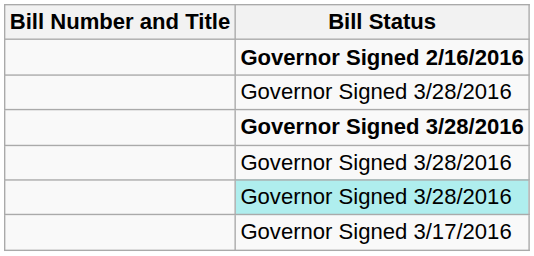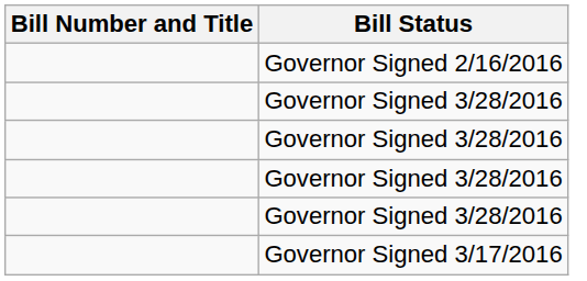 <table class="wikitable">
 <tr>
 <th>Bill Number and Title</th>
 <th>Bill Status</th>
 </tr>
 <tr>
 <td></td>
-<td><strong>Governor Signed 2/16/2016</strong></td>
+<td>Governor Signed 2/16/2016</td>
 </tr>
 <tr>
 <td></td>
 <td>Governor Signed 3/28/2016</td>
 </tr>
 <tr>
 <td></td>
-<td><strong>Governor Signed 3/28/2016</strong></td>
+<td>Governor Signed 3/28/2016</td>
 </tr>
 <tr>
 <td></td>
 <td>Governor Signed 3/28/2016</td>
 </tr>
 <tr>
 <td></td>
-<td style="background: paleturquoise;">Governor Signed 3/28/2016</td>
+<td>Governor Signed 3/28/2016</td>
 </tr>
 <tr>
 <td></td>
 <td>Governor Signed 3/17/2016</td>
 </tr>
 </table>
